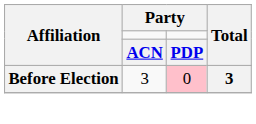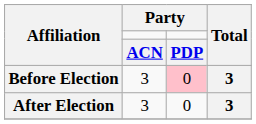 <table class="wikitable" style="text-align:center">
 <tr>
 <th rowspan="3">Affiliation</th>
 <th colspan="2">Party</th>
 <th rowspan="3">Total</th>
 </tr>
 <tr>
 <td style="background-color:"></td>
 <td style="background-color:"></td>
 </tr>
 <tr>
 <th><a href='#'>ACN</a></th>
 <th><a href='#'>PDP</a></th>
 </tr>
 <tr>
 <th>Before Election</th>
 <td>3</td>
 <td style="background: pink;">0</td>
 <th>3</th>
 </tr>
 <tr>
+<th>After Election</th>
+<td>3</td>
+<td>0</td>
+<th>3</th>
+</tr>
+<tr>
 </tr>
 </table>
